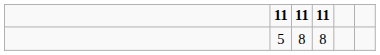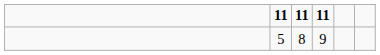 <table class="wikitable">
 <tr>
 <td style="width:18em"><strong></strong></td>
 <td align=center style="width:1em"><strong>11</strong></td>
 <td align=center style="width:1em"><strong>11</strong></td>
 <td align=center style="width:1em"><strong>11</strong></td>
 <td align=center style="width:1em"></td>
 <td align=center style="width:1em"></td>
 </tr>
 <tr>
 <td style="width:18em"></td>
 <td align=center style="width:1em">5</td>
 <td align=center style="width:1em">8</td>
-<td align=center style="width:1em">8</td>
+<td align=center style="width:1em">9</td>
 <td align=center style="width:1em"></td>
 <td align=center style="width:1em"></td>
 </tr>
 </table>
